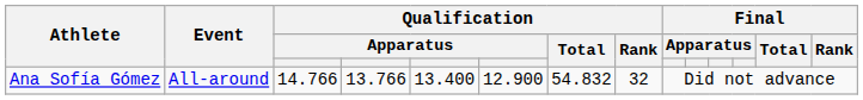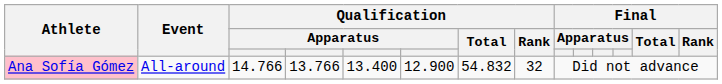 <table class="wikitable" style="font-size:90%">
 <tr>
 <th rowspan=3>Athlete</th>
 <th rowspan=3>Event</th>
 <th colspan=6>Qualification</th>
 <th colspan=6>Final</th>
 </tr>
 <tr style="font-size:95%">
 <th colspan=4>Apparatus</th>
 <th rowspan=2>Total</th>
 <th rowspan=2>Rank</th>
 <th colspan=4>Apparatus</th>
 <th rowspan=2>Total</th>
 <th rowspan=2>Rank</th>
 </tr>
 <tr style="font-size:95%">
 <th></th>
 <th></th>
 <th></th>
 <th></th>
 <th></th>
 <th></th>
 <th></th>
 <th></th>
 </tr>
 <tr align=center>
-<td align=left><a href='#'>Ana Sofía Gómez</a></td>
+<td align=left style="background: pink;"><a href='#'>Ana Sofía Gómez</a></td>
 <td align=left><a href='#'>All-around</a></td>
 <td>14.766</td>
 <td>13.766</td>
 <td>13.400</td>
 <td>12.900</td>
 <td>54.832</td>
 <td>32</td>
 <td colspan=6>Did not advance</td>
 </tr>
 </table>
